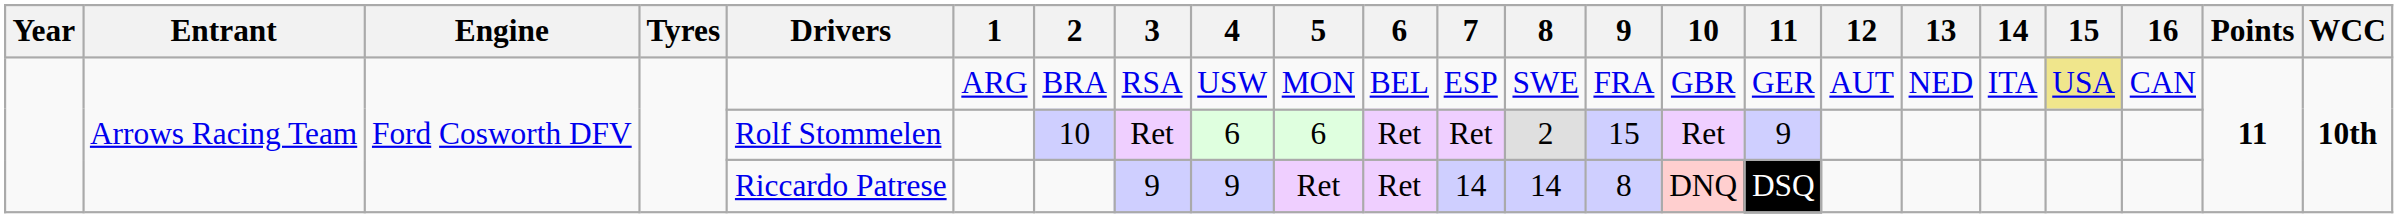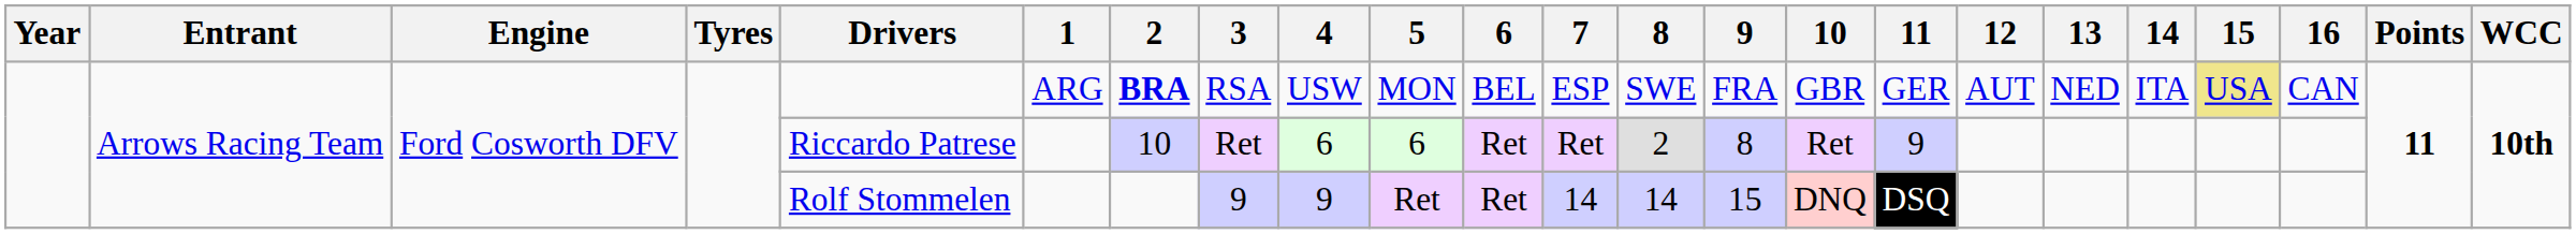 <table class="wikitable" style="text-align:center; font-size:90%">
 <tr>
 <th>Year</th>
 <th>Entrant</th>
 <th>Engine</th>
 <th>Tyres</th>
 <th>Drivers</th>
 <th>1</th>
 <th>2</th>
 <th>3</th>
 <th>4</th>
 <th>5</th>
 <th>6</th>
 <th>7</th>
 <th>8</th>
 <th>9</th>
 <th>10</th>
 <th>11</th>
 <th>12</th>
 <th>13</th>
 <th>14</th>
 <th>15</th>
 <th>16</th>
 <th>Points</th>
 <th>WCC</th>
 </tr>
 <tr>
 <td rowspan="3"></td>
 <td rowspan="3"><a href='#'>Arrows Racing Team</a></td>
 <td rowspan="3"><a href='#'>Ford</a> <a href='#'>Cosworth DFV</a></td>
 <td rowspan="3"></td>
 <td></td>
 <td><a href='#'>ARG</a></td>
-<td><a href='#'>BRA</a></td>
+<td><strong><a href='#'>BRA</a></strong></td>
 <td><a href='#'>RSA</a></td>
 <td><a href='#'>USW</a></td>
 <td><a href='#'>MON</a></td>
 <td><a href='#'>BEL</a></td>
 <td><a href='#'>ESP</a></td>
 <td><a href='#'>SWE</a></td>
 <td><a href='#'>FRA</a></td>
 <td><a href='#'>GBR</a></td>
 <td><a href='#'>GER</a></td>
 <td><a href='#'>AUT</a></td>
 <td><a href='#'>NED</a></td>
 <td><a href='#'>ITA</a></td>
 <td style="background: khaki;"><a href='#'>USA</a></td>
 <td><a href='#'>CAN</a></td>
 <td rowspan="3"><strong>11</strong> </td>
 <td rowspan="3"><strong>10th</strong> </td>
 </tr>
 <tr>
-<td align="left"><a href='#'>Rolf Stommelen</a></td>
+<td align="left"><a href='#'>Riccardo Patrese</a></td>
 <td></td>
 <td style="background:#CFCFFF;">10</td>
 <td style="background:#EFCFFF;">Ret</td>
 <td style="background:#DFFFDF;">6</td>
 <td style="background:#DFFFDF;">6</td>
 <td style="background:#EFCFFF;">Ret</td>
 <td style="background:#EFCFFF;">Ret</td>
 <td style="background:#DFDFDF;">2</td>
-<td style="background:#CFCFFF;">15</td>
+<td style="background:#CFCFFF;">8</td>
 <td style="background:#EFCFFF;">Ret</td>
 <td style="background:#CFCFFF;">9</td>
 <td></td>
 <td></td>
 <td></td>
 <td></td>
 <td></td>
 </tr>
 <tr>
-<td align="left"><a href='#'>Riccardo Patrese</a></td>
+<td align="left"><a href='#'>Rolf Stommelen</a></td>
 <td></td>
 <td></td>
 <td style="background:#CFCFFF;">9</td>
 <td style="background:#CFCFFF;">9</td>
 <td style="background:#EFCFFF;">Ret</td>
 <td style="background:#EFCFFF;">Ret</td>
 <td style="background:#CFCFFF;">14</td>
 <td style="background:#CFCFFF;">14</td>
-<td style="background:#CFCFFF;">8</td>
+<td style="background:#CFCFFF;">15</td>
 <td style="background:#FFCFCF;">DNQ</td>
 <td style="background:#000000; color:white">DSQ</td>
 <td></td>
 <td></td>
 <td></td>
 <td></td>
 <td></td>
 </tr>
 </table>
